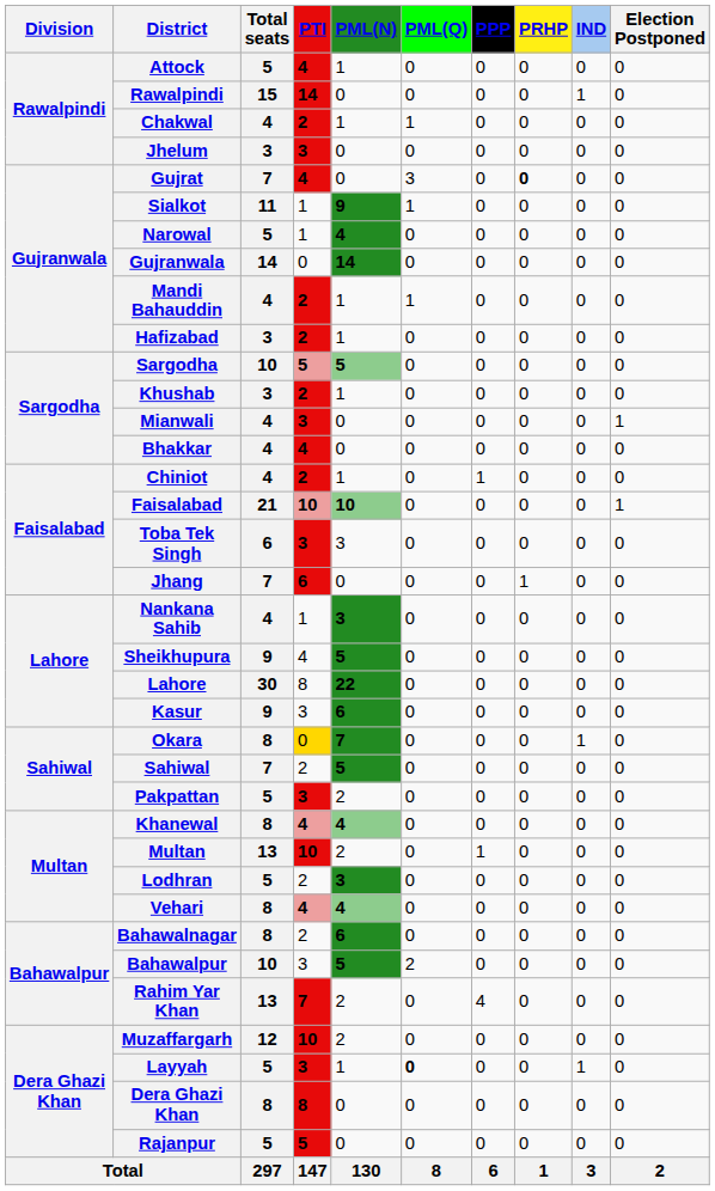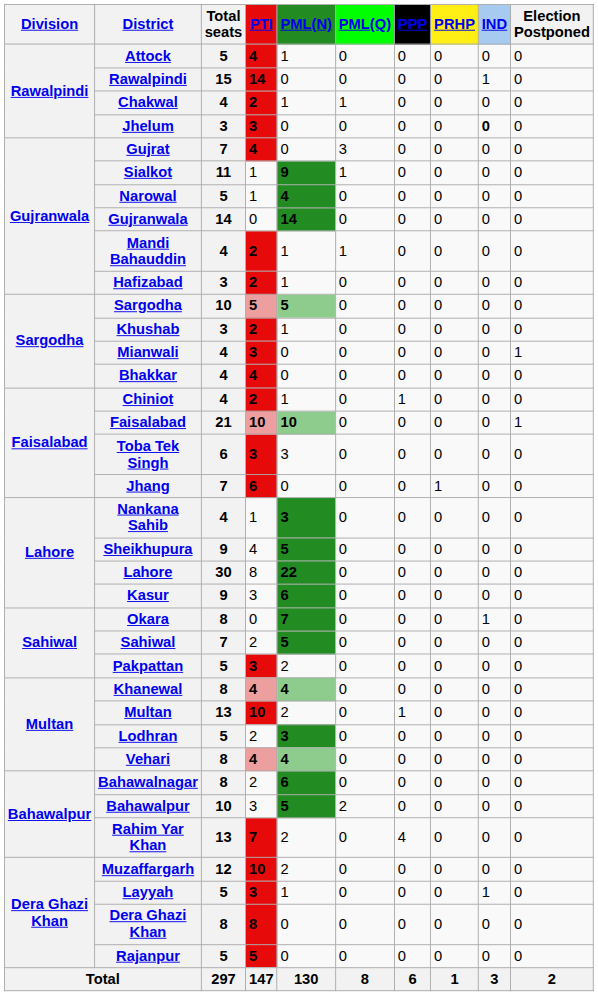 <table class="wikitable" style="width: 50%;">
 <tr bgcolor="#cccccc">
 <th><a href='#'>Division</a></th>
 <th><a href='#'>District</a></th>
 <th>Total seats</th>
 <th style="background:#E70A0A;"><a href='#'><span><strong>PTI</strong></span></a></th>
 <th style="background:#228b22;"><a href='#'><span><strong>PML(N)</strong></span></a></th>
 <th style="background:#00ff00;"><a href='#'><span><strong>PML(Q)</strong></span></a></th>
 <th style="background:#000000;"><a href='#'><span><strong>PPP</strong></span></a></th>
 <th style="background:#ffef14;"><a href='#'><span><strong>PRHP</strong></span></a></th>
 <th style="background:#a6caf0;"><a href='#'><span><strong>IND</strong></span></a></th>
 <th>Election Postponed</th>
 </tr>
 <tr>
 <th rowspan="4"><a href='#'>Rawalpindi</a></th>
 <th><a href='#'>Attock</a></th>
 <th>5</th>
 <td bgcolor="#E70A0A"><span><strong>4</strong></span></td>
 <td>1</td>
 <td>0</td>
 <td>0</td>
 <td>0</td>
 <td>0</td>
 <td>0</td>
 </tr>
 <tr>
 <th><a href='#'>Rawalpindi</a></th>
 <th>15</th>
 <td bgcolor="#E70A0A"><span><strong>14</strong></span></td>
 <td>0</td>
 <td>0</td>
 <td>0</td>
 <td>0</td>
 <td>1</td>
 <td>0</td>
 </tr>
 <tr>
 <th><a href='#'>Chakwal</a></th>
 <th>4</th>
 <td bgcolor="#E70A0A"><span><strong>2</strong></span></td>
 <td>1</td>
 <td>1</td>
 <td>0</td>
 <td>0</td>
 <td>0</td>
 <td>0</td>
 </tr>
 <tr>
 <th><a href='#'>Jhelum</a></th>
 <th>3</th>
 <td bgcolor="#E70A0A"><span><strong>3</strong></span></td>
 <td>0</td>
 <td>0</td>
 <td>0</td>
 <td>0</td>
-<td>0</td>
+<td><strong>0</strong></td>
 <td>0</td>
 </tr>
 <tr>
 <th rowspan="6"><a href='#'>Gujranwala</a></th>
 <th><a href='#'>Gujrat</a></th>
 <th>7</th>
 <td bgcolor="#E70A0A"><span><strong>4</strong></span></td>
 <td>0</td>
 <td>3</td>
 <td>0</td>
-<td><strong>0</strong></td>
+<td>0</td>
 <td>0</td>
 <td>0</td>
 </tr>
 <tr>
 <th><a href='#'>Sialkot</a></th>
 <th>11</th>
 <td>1</td>
 <td bgcolor="#228b22"><span><strong>9</strong></span></td>
 <td>1</td>
 <td>0</td>
 <td>0</td>
 <td>0</td>
 <td>0</td>
 </tr>
 <tr>
 <th><a href='#'>Narowal</a></th>
 <th>5</th>
 <td>1</td>
 <td bgcolor="#228b22"><span><strong>4</strong></span></td>
 <td>0</td>
 <td>0</td>
 <td>0</td>
 <td>0</td>
 <td>0</td>
 </tr>
 <tr>
 <th><a href='#'>Gujranwala</a></th>
 <th>14</th>
 <td>0</td>
 <td bgcolor="#228b22"><span><strong>14</strong></span></td>
 <td>0</td>
 <td>0</td>
 <td>0</td>
 <td>0</td>
 <td>0</td>
 </tr>
 <tr>
 <th><a href='#'>Mandi Bahauddin</a></th>
 <th>4</th>
 <td bgcolor="#E70A0A"><span><strong>2</strong></span></td>
 <td>1</td>
 <td>1</td>
 <td>0</td>
 <td>0</td>
 <td>0</td>
 <td>0</td>
 </tr>
 <tr>
 <th><a href='#'>Hafizabad</a></th>
 <th>3</th>
 <td bgcolor="#E70A0A"><span><strong>2</strong></span></td>
 <td>1</td>
 <td>0</td>
 <td>0</td>
 <td>0</td>
 <td>0</td>
 <td>0</td>
 </tr>
 <tr>
 <th rowspan="4"><a href='#'>Sargodha</a></th>
 <th><a href='#'>Sargodha</a></th>
 <th>10</th>
 <td bgcolor="#ed9f9f"><span><strong>5</strong></span></td>
 <td bgcolor="#8dcc8d"><span><strong>5</strong></span></td>
 <td>0</td>
 <td>0</td>
 <td>0</td>
 <td>0</td>
 <td>0</td>
 </tr>
 <tr>
 <th><a href='#'>Khushab</a></th>
 <th>3</th>
 <td bgcolor="#E70A0A"><span><strong>2</strong></span></td>
 <td>1</td>
 <td>0</td>
 <td>0</td>
 <td>0</td>
 <td>0</td>
 <td>0</td>
 </tr>
 <tr>
 <th><a href='#'>Mianwali</a></th>
 <th>4</th>
 <td bgcolor="#E70A0A"><span><strong>3</strong></span></td>
 <td>0</td>
 <td>0</td>
 <td>0</td>
 <td>0</td>
 <td>0</td>
 <td>1</td>
 </tr>
 <tr>
 <th><a href='#'>Bhakkar</a></th>
 <th>4</th>
 <td bgcolor="#E70A0A"><span><strong>4</strong></span></td>
 <td>0</td>
 <td>0</td>
 <td>0</td>
 <td>0</td>
 <td>0</td>
 <td>0</td>
 </tr>
 <tr>
 <th rowspan="4"><a href='#'>Faisalabad</a></th>
 <th><a href='#'>Chiniot</a></th>
 <th>4</th>
 <td bgcolor="#E70A0A"><span><strong>2</strong></span></td>
 <td>1</td>
 <td>0</td>
 <td>1</td>
 <td>0</td>
 <td>0</td>
 <td>0</td>
 </tr>
 <tr>
 <th><a href='#'>Faisalabad</a></th>
 <th>21</th>
 <td bgcolor="#ed9f9f"><span><strong>10</strong></span></td>
 <td bgcolor="#8dcc8d"><span><strong>10</strong></span></td>
 <td>0</td>
 <td>0</td>
 <td>0</td>
 <td>0</td>
 <td>1</td>
 </tr>
 <tr>
 <th><a href='#'>Toba Tek Singh</a></th>
 <th>6</th>
 <td bgcolor="#E70A0A"><span><strong>3</strong></span></td>
 <td>3</td>
 <td>0</td>
 <td>0</td>
 <td>0</td>
 <td>0</td>
 <td>0</td>
 </tr>
 <tr>
 <th><a href='#'>Jhang</a></th>
 <th>7</th>
 <td bgcolor="#E70A0A"><span><strong>6</strong></span></td>
 <td>0</td>
 <td>0</td>
 <td>0</td>
 <td>1</td>
 <td>0</td>
 <td>0</td>
 </tr>
 <tr>
 <th rowspan="4"><a href='#'>Lahore</a></th>
 <th><a href='#'>Nankana Sahib</a></th>
 <th>4</th>
 <td>1</td>
 <td bgcolor="#228b22"><span><strong>3</strong></span></td>
 <td>0</td>
 <td>0</td>
 <td>0</td>
 <td>0</td>
 <td>0</td>
 </tr>
 <tr>
 <th><a href='#'>Sheikhupura</a></th>
 <th>9</th>
 <td>4</td>
 <td bgcolor="#228b22"><span><strong>5</strong></span></td>
 <td>0</td>
 <td>0</td>
 <td>0</td>
 <td>0</td>
 <td>0</td>
 </tr>
 <tr>
 <th><a href='#'>Lahore</a></th>
 <th>30</th>
 <td>8</td>
 <td bgcolor="#228b22"><span><strong>22</strong></span></td>
 <td>0</td>
 <td>0</td>
 <td>0</td>
 <td>0</td>
 <td>0</td>
 </tr>
 <tr>
 <th><a href='#'>Kasur</a></th>
 <th>9</th>
 <td>3</td>
 <td bgcolor="#228b22"><span><strong>6</strong></span></td>
 <td>0</td>
 <td>0</td>
 <td>0</td>
 <td>0</td>
 <td>0</td>
 </tr>
 <tr>
 <th rowspan="3"><a href='#'>Sahiwal</a></th>
 <th><a href='#'>Okara</a></th>
 <th>8</th>
-<td style="background: gold;">0</td>
+<td>0</td>
 <td bgcolor="#228b22"><span><strong>7</strong></span></td>
 <td>0</td>
 <td>0</td>
 <td>0</td>
 <td>1</td>
 <td>0</td>
 </tr>
 <tr>
 <th><a href='#'>Sahiwal</a></th>
 <th>7</th>
 <td>2</td>
 <td bgcolor="#228b22"><span><strong>5</strong></span></td>
 <td>0</td>
 <td>0</td>
 <td>0</td>
 <td>0</td>
 <td>0</td>
 </tr>
 <tr>
 <th><a href='#'>Pakpattan</a></th>
 <th>5</th>
 <td bgcolor="#E70A0A"><span><strong>3</strong></span></td>
 <td>2</td>
 <td>0</td>
 <td>0</td>
 <td>0</td>
 <td>0</td>
 <td>0</td>
 </tr>
 <tr>
 <th rowspan="4"><a href='#'>Multan</a></th>
 <th><a href='#'>Khanewal</a></th>
 <th>8</th>
 <td bgcolor="#ed9f9f"><span><strong>4</strong></span></td>
 <td bgcolor="#8dcc8d"><span><strong>4</strong></span></td>
 <td>0</td>
 <td>0</td>
 <td>0</td>
 <td>0</td>
 <td>0</td>
 </tr>
 <tr>
 <th><a href='#'>Multan</a></th>
 <th>13</th>
 <td bgcolor="#E70A0A"><span><strong>10</strong></span></td>
 <td>2</td>
 <td>0</td>
 <td>1</td>
 <td>0</td>
 <td>0</td>
 <td>0</td>
 </tr>
 <tr>
 <th><a href='#'>Lodhran</a></th>
 <th>5</th>
 <td>2</td>
 <td bgcolor="#228b22"><span><strong>3</strong></span></td>
 <td>0</td>
 <td>0</td>
 <td>0</td>
 <td>0</td>
 <td>0</td>
 </tr>
 <tr>
 <th><a href='#'>Vehari</a></th>
 <th>8</th>
 <td bgcolor="#ed9f9f"><span><strong>4</strong></span></td>
 <td bgcolor="#8dcc8d"><span><strong>4</strong></span></td>
 <td>0</td>
 <td>0</td>
 <td>0</td>
 <td>0</td>
 <td>0</td>
 </tr>
 <tr>
 <th rowspan="3"><a href='#'>Bahawalpur</a></th>
 <th><a href='#'>Bahawalnagar</a></th>
 <th>8</th>
 <td>2</td>
 <td bgcolor="#228b22"><span><strong>6</strong></span></td>
 <td>0</td>
 <td>0</td>
 <td>0</td>
 <td>0</td>
 <td>0</td>
 </tr>
 <tr>
 <th><a href='#'>Bahawalpur</a></th>
 <th>10</th>
 <td>3</td>
 <td bgcolor="#228b22"><span><strong>5</strong></span></td>
 <td>2</td>
 <td>0</td>
 <td>0</td>
 <td>0</td>
 <td>0</td>
 </tr>
 <tr>
 <th><a href='#'>Rahim Yar Khan</a></th>
 <th>13</th>
 <td bgcolor="#E70A0A"><span><strong>7</strong></span></td>
 <td>2</td>
 <td>0</td>
 <td>4</td>
 <td>0</td>
 <td>0</td>
 <td>0</td>
 </tr>
 <tr>
 <th rowspan="4"><a href='#'>Dera Ghazi Khan</a></th>
 <th><a href='#'>Muzaffargarh</a></th>
 <th>12</th>
 <td bgcolor="#E70A0A"><span><strong>10</strong></span></td>
 <td>2</td>
 <td>0</td>
 <td>0</td>
 <td>0</td>
 <td>0</td>
 <td>0</td>
 </tr>
 <tr>
 <th><a href='#'>Layyah</a></th>
 <th>5</th>
 <td bgcolor="#E70A0A"><span><strong>3</strong></span></td>
 <td>1</td>
-<td><strong>0</strong></td>
+<td>0</td>
 <td>0</td>
 <td>0</td>
 <td>1</td>
 <td>0</td>
 </tr>
 <tr>
 <th><a href='#'>Dera Ghazi Khan</a></th>
 <th>8</th>
 <td bgcolor="#E70A0A"><span><strong>8</strong></span></td>
 <td>0</td>
 <td>0</td>
 <td>0</td>
 <td>0</td>
 <td>0</td>
 <td>0</td>
 </tr>
 <tr>
 <th><a href='#'>Rajanpur</a></th>
 <th>5</th>
 <td bgcolor="#E70A0A"><span><strong>5</strong></span></td>
 <td>0</td>
 <td>0</td>
 <td>0</td>
 <td>0</td>
 <td>0</td>
 <td>0</td>
 </tr>
 <tr>
 <th colspan="2">Total</th>
 <th>297</th>
 <th>147</th>
 <th>130</th>
 <th>8</th>
 <th>6</th>
 <th>1</th>
 <th>3</th>
 <th>2</th>
 </tr>
 </table>
